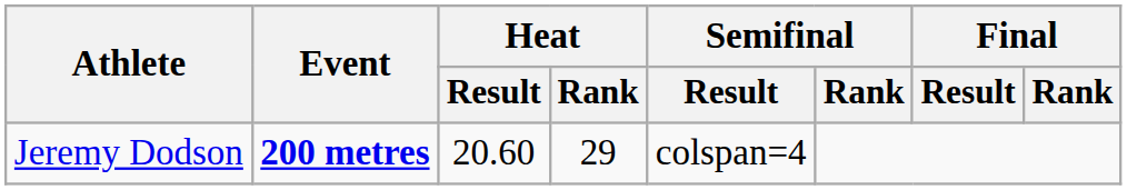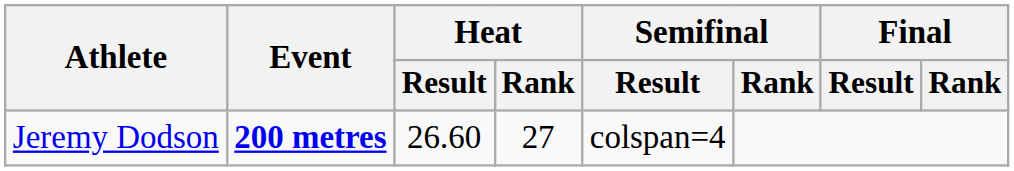 <table class=wikitable style=font-size:90%>
 <tr>
 <th rowspan=2>Athlete</th>
 <th rowspan=2>Event</th>
 <th colspan=2>Heat</th>
 <th colspan=2>Semifinal</th>
 <th colspan=2>Final</th>
 </tr>
 <tr style=font-size:95%>
 <th>Result</th>
 <th>Rank</th>
 <th>Result</th>
 <th>Rank</th>
 <th>Result</th>
 <th>Rank</th>
 </tr>
 <tr align=center>
 <td align=left><a href='#'>Jeremy Dodson</a></td>
 <td align=left><strong><a href='#'>200 metres</a></strong></td>
-<td>20.60</td>
-<td>29</td>
+<td>26.60</td>
+<td>27</td>
 <td>colspan=4 </td>
 </tr>
 </table>
